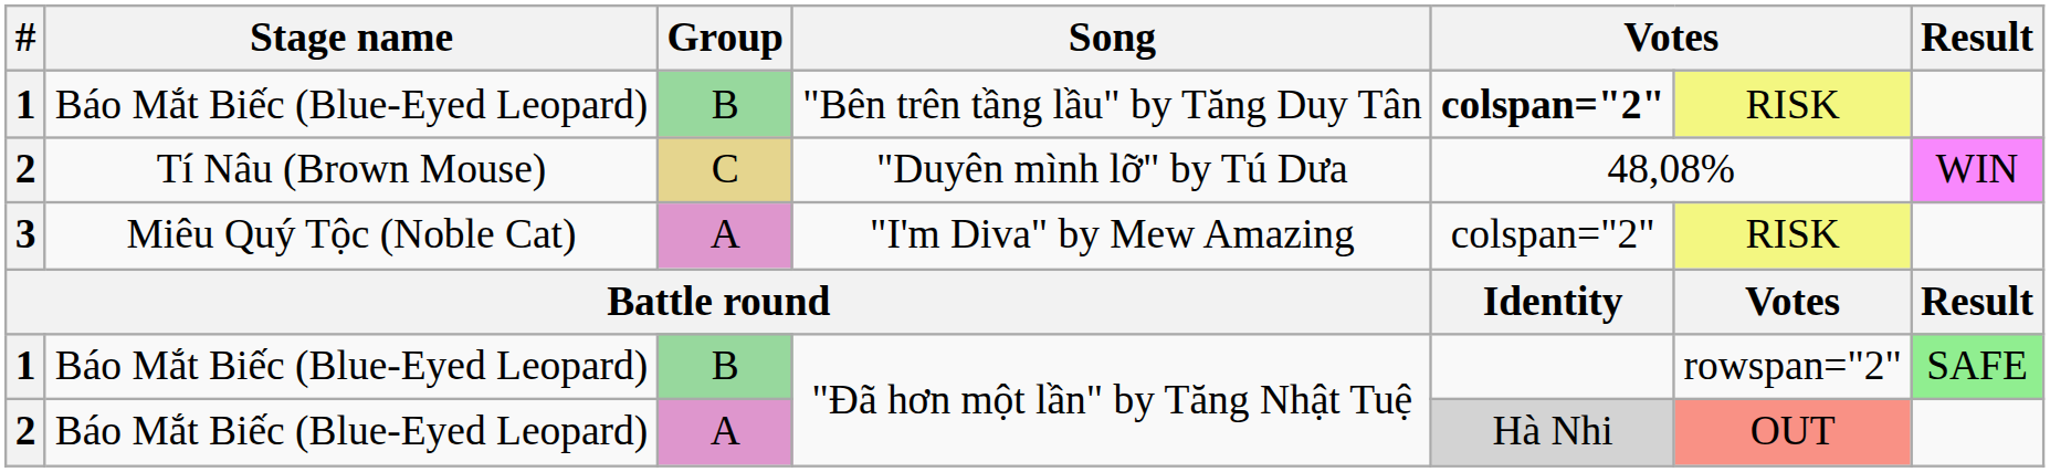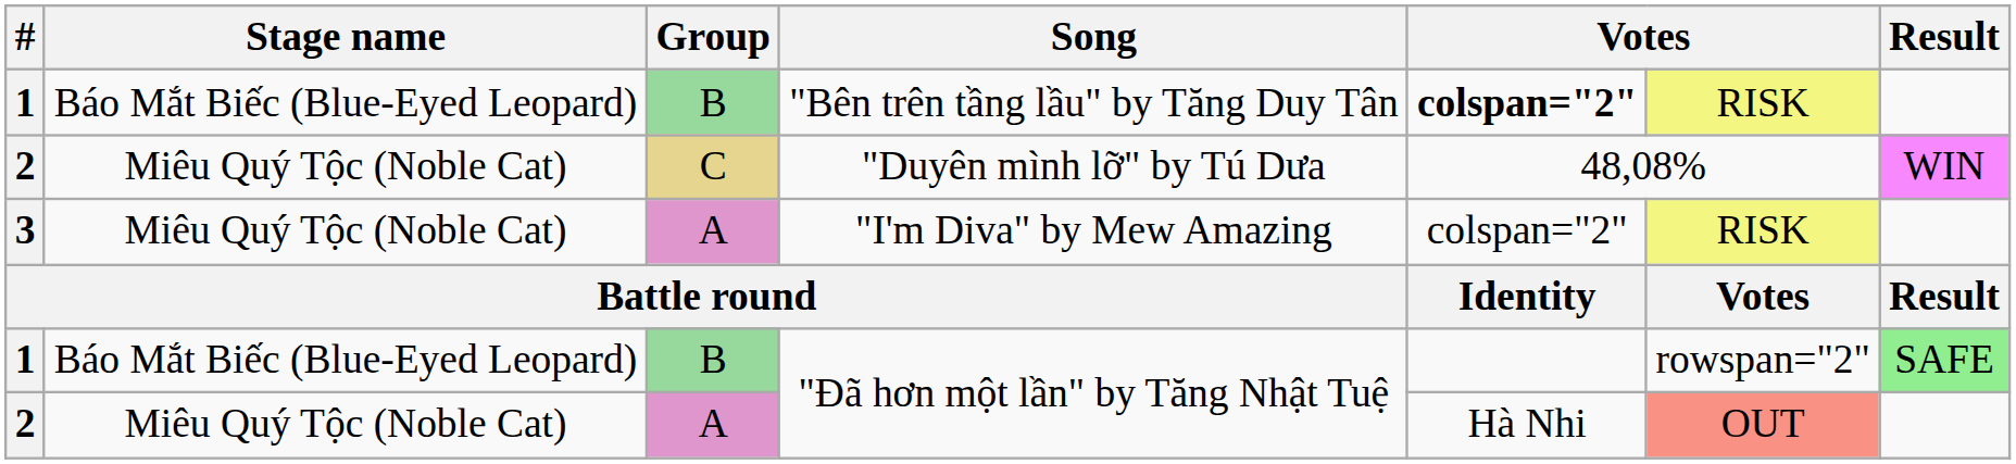 <table class="wikitable plainrowheaders" style="text-align: center;">
 <tr>
 <th>#</th>
 <th>Stage name</th>
 <th>Group</th>
 <th>Song</th>
 <th colspan="2">Votes</th>
 <th>Result</th>
 </tr>
 <tr>
 <th>1</th>
 <td>Báo Mắt Biếc (Blue-Eyed Leopard)</td>
 <td bgcolor="#97D89D">B</td>
 <td>"Bên trên tầng lầu" by Tăng Duy Tân</td>
 <td><strong>colspan="2" </strong></td>
 <td bgcolor="#F3F781">RISK</td>
 </tr>
 <tr>
 <th>2</th>
-<td>Tí Nâu (Brown Mouse)</td>
+<td>Miêu Quý Tộc (Noble Cat)</td>
 <td bgcolor="#E5D58E">C</td>
 <td>"Duyên mình lỡ" by Tú Dưa</td>
 <td colspan="2">48,08%</td>
 <td bgcolor="#F888FD">WIN</td>
 </tr>
 <tr>
 <th>3</th>
 <td>Miêu Quý Tộc (Noble Cat)</td>
 <td bgcolor="#DE96CD">A</td>
 <td>"I'm Diva" by Mew Amazing</td>
 <td>colspan="2" </td>
 <td bgcolor="#F3F781">RISK</td>
 </tr>
 <tr>
 <th colspan="4">Battle round</th>
 <th>Identity</th>
 <th>Votes</th>
 <th>Result</th>
 </tr>
 <tr>
 <th>1</th>
 <td>Báo Mắt Biếc (Blue-Eyed Leopard)</td>
 <td bgcolor="#97D89D">B</td>
 <td rowspan="2">"Đã hơn một lần" by Tăng Nhật Tuệ</td>
 <td></td>
 <td>rowspan="2" </td>
 <td bgcolor=lightgreen>SAFE</td>
 </tr>
 <tr>
 <th>2</th>
-<td>Báo Mắt Biếc (Blue-Eyed Leopard)</td>
+<td>Miêu Quý Tộc (Noble Cat)</td>
 <td bgcolor="#DE96CD">A</td>
-<td style="background: lightgrey;">Hà Nhi</td>
+<td>Hà Nhi</td>
 <td bgcolor="#F99185">OUT</td>
 </tr>
 </table>
